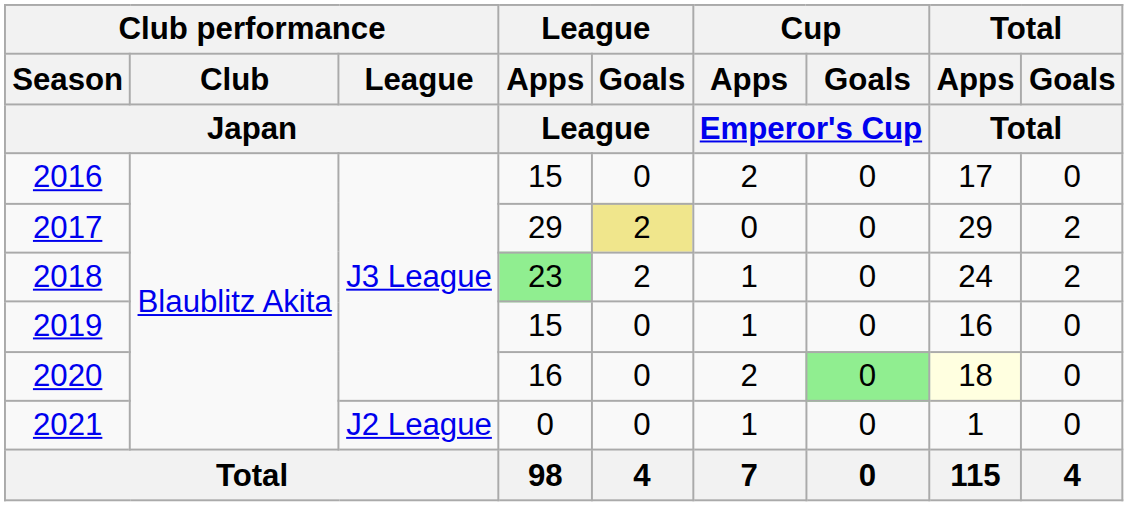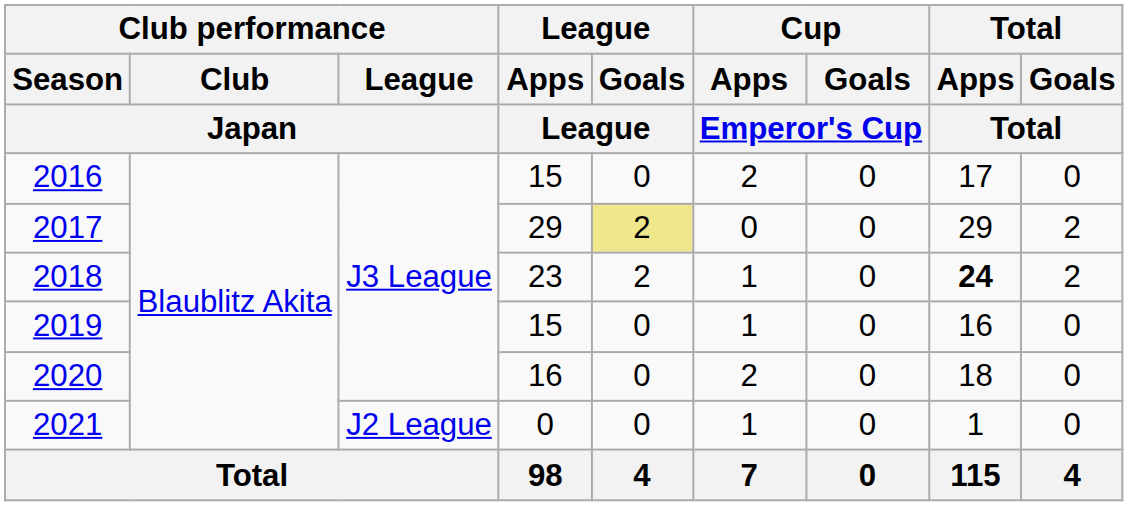 <table class="wikitable" style="text-align:center;">
 <tr>
 <th colspan=3>Club performance</th>
 <th colspan=2>League</th>
 <th colspan=2>Cup</th>
 <th colspan=2>Total</th>
 </tr>
 <tr>
 <th>Season</th>
 <th>Club</th>
 <th>League</th>
 <th>Apps</th>
 <th>Goals</th>
 <th>Apps</th>
 <th>Goals</th>
 <th>Apps</th>
 <th>Goals</th>
 </tr>
 <tr>
 <th colspan=3>Japan</th>
 <th colspan=2>League</th>
 <th colspan=2><a href='#'>Emperor's Cup</a></th>
 <th colspan=2>Total</th>
 </tr>
 <tr>
 <td><a href='#'>2016</a></td>
 <td rowspan="6"><a href='#'>Blaublitz Akita</a></td>
 <td rowspan="5"><a href='#'>J3 League</a></td>
 <td>15</td>
 <td>0</td>
 <td>2</td>
 <td>0</td>
 <td>17</td>
 <td>0</td>
 </tr>
 <tr>
 <td><a href='#'>2017</a></td>
 <td>29</td>
 <td style="background: khaki;">2</td>
 <td>0</td>
 <td>0</td>
 <td>29</td>
 <td>2</td>
 </tr>
 <tr>
 <td><a href='#'>2018</a></td>
-<td style="background: lightgreen;">23</td>
+<td>23</td>
 <td>2</td>
 <td>1</td>
 <td>0</td>
-<td>24</td>
+<td><strong>24</strong></td>
 <td>2</td>
 </tr>
 <tr>
 <td><a href='#'>2019</a></td>
 <td>15</td>
 <td>0</td>
 <td>1</td>
 <td>0</td>
 <td>16</td>
 <td>0</td>
 </tr>
 <tr>
 <td><a href='#'>2020</a></td>
 <td>16</td>
 <td>0</td>
 <td>2</td>
-<td style="background: lightgreen;">0</td>
-<td style="background: lightyellow;">18</td>
+<td>0</td>
+<td>18</td>
 <td>0</td>
 </tr>
 <tr>
 <td><a href='#'>2021</a></td>
 <td rowspan="1"><a href='#'>J2 League</a></td>
 <td>0</td>
 <td>0</td>
 <td>1</td>
 <td>0</td>
 <td>1</td>
 <td>0</td>
 </tr>
 <tr>
 <th colspan=3>Total</th>
 <th>98</th>
 <th>4</th>
 <th>7</th>
 <th>0</th>
 <th>115</th>
 <th>4</th>
 </tr>
 </table>
